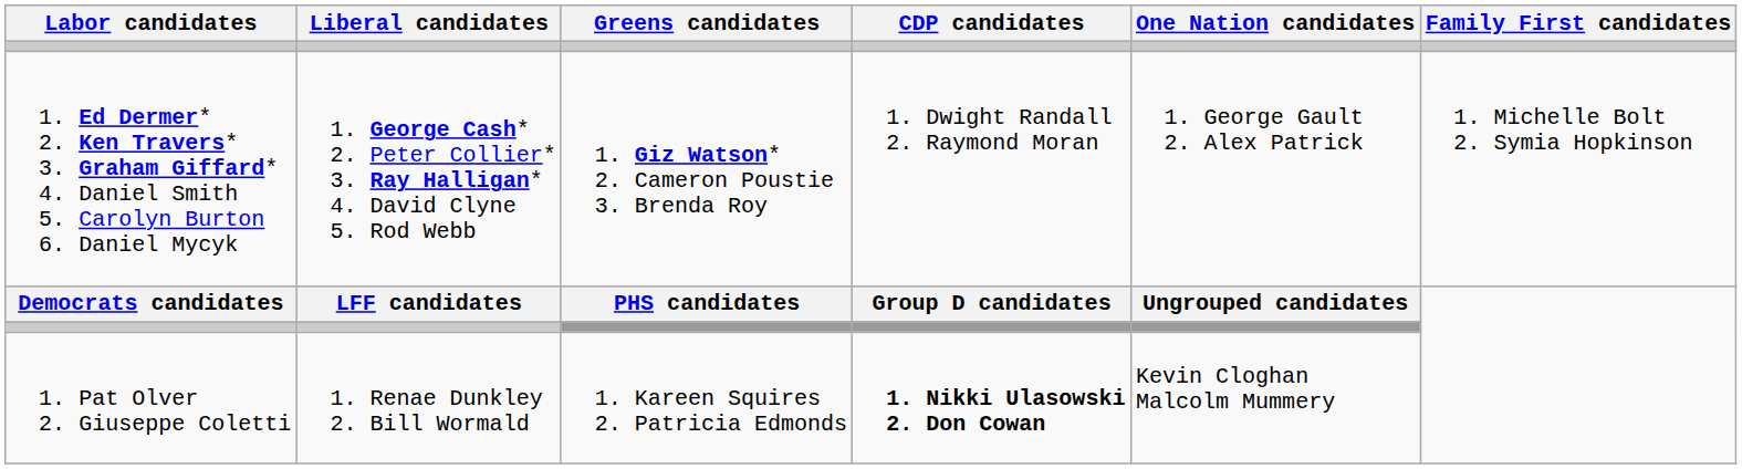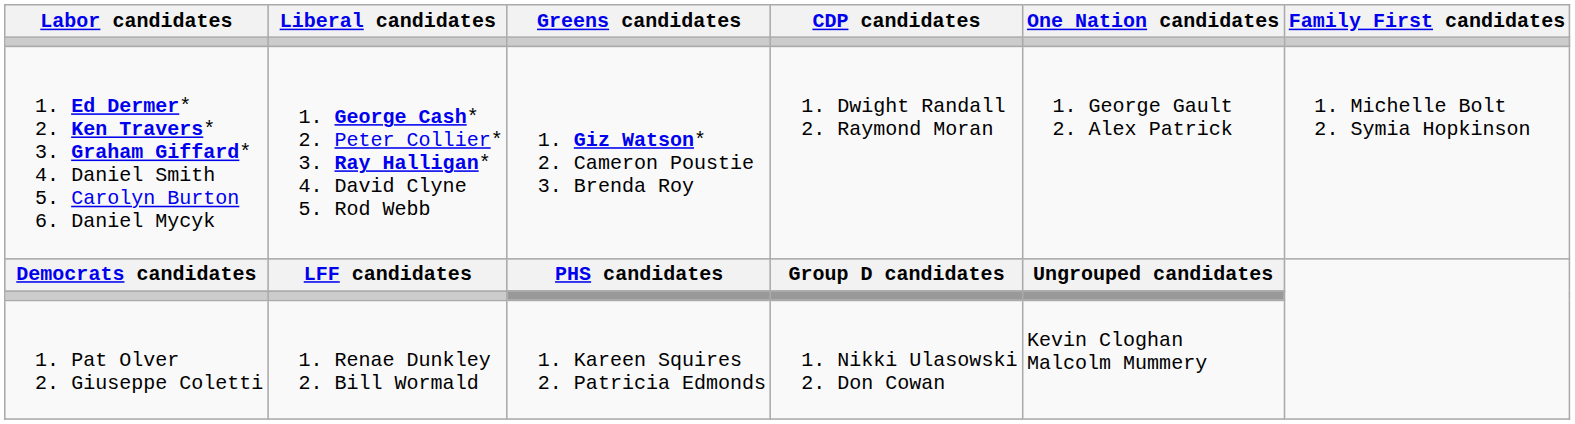 <table class="wikitable">
 <tr>
 <th><a href='#'>Labor</a> candidates</th>
 <th><a href='#'>Liberal</a> candidates</th>
 <th><a href='#'>Greens</a> candidates</th>
 <th><a href='#'>CDP</a> candidates</th>
 <th><a href='#'>One Nation</a> candidates</th>
 <th><a href='#'>Family First</a> candidates</th>
 </tr>
 <tr bgcolor="#cccccc">
 <td></td>
 <td></td>
 <td></td>
 <td></td>
 <td></td>
 <td></td>
 </tr>
 <tr>
 <td><br><ol><li><strong><a href='#'>Ed Dermer</a></strong>*</li><li><strong><a href='#'>Ken Travers</a></strong>*</li><li><strong><a href='#'>Graham Giffard</a></strong>*</li><li>Daniel Smith</li><li><a href='#'>Carolyn Burton</a></li><li>Daniel Mycyk</li></ol></td>
 <td><br><ol><li><strong><a href='#'>George Cash</a></strong>*</li><li><a href='#'>Peter Collier</a>*</li><li><strong><a href='#'>Ray Halligan</a></strong>*</li><li>David Clyne</li><li>Rod Webb</li></ol></td>
 <td><br><ol><li><strong><a href='#'>Giz Watson</a></strong>*</li><li>Cameron Poustie</li><li>Brenda Roy</li></ol></td>
 <td valign=top><br><ol><li>Dwight Randall</li><li>Raymond Moran</li></ol></td>
 <td valign=top><br><ol><li>George Gault</li><li>Alex Patrick</li></ol></td>
 <td valign=top><br><ol><li>Michelle Bolt</li><li>Symia Hopkinson</li></ol></td>
 </tr>
 <tr bgcolor="#cccccc">
 <th><a href='#'>Democrats</a> candidates</th>
 <th><a href='#'>LFF</a> candidates</th>
 <th><a href='#'>PHS</a> candidates</th>
 <th>Group D candidates</th>
 <th>Ungrouped candidates</th>
 </tr>
 <tr bgcolor="#cccccc">
 <td></td>
 <td></td>
 <td bgcolor="#999999"></td>
 <td bgcolor="#999999"></td>
 <td bgcolor="#999999"></td>
 </tr>
 <tr>
 <td valign=top><br><ol><li>Pat Olver</li><li>Giuseppe Coletti</li></ol></td>
 <td valign=top><br><ol><li>Renae Dunkley</li><li>Bill Wormald</li></ol></td>
 <td valign=top><br><ol><li>Kareen Squires</li><li>Patricia Edmonds</li></ol></td>
-<td valign=top><strong><br><ol><li>Nikki Ulasowski</li><li>Don Cowan</li></ol></strong></td>
+<td valign=top><br><ol><li>Nikki Ulasowski</li><li>Don Cowan</li></ol></td>
 <td valign=top><br>Kevin Cloghan<br> Malcolm Mummery</td>
 </tr>
 </table>
